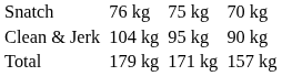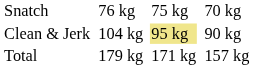 <table>
 <tr>
 <td>Snatch</td>
 <td></td>
 <td>76 kg</td>
 <td></td>
 <td>75 kg</td>
 <td></td>
 <td>70 kg</td>
 </tr>
 <tr>
 <td>Clean & Jerk</td>
 <td></td>
 <td>104 kg</td>
 <td></td>
-<td>95 kg</td>
+<td style="background: khaki;">95 kg</td>
 <td></td>
 <td>90 kg</td>
 </tr>
 <tr>
 <td>Total</td>
 <td></td>
 <td>179 kg</td>
 <td></td>
 <td>171 kg</td>
 <td></td>
 <td>157 kg</td>
 </tr>
 </table>
